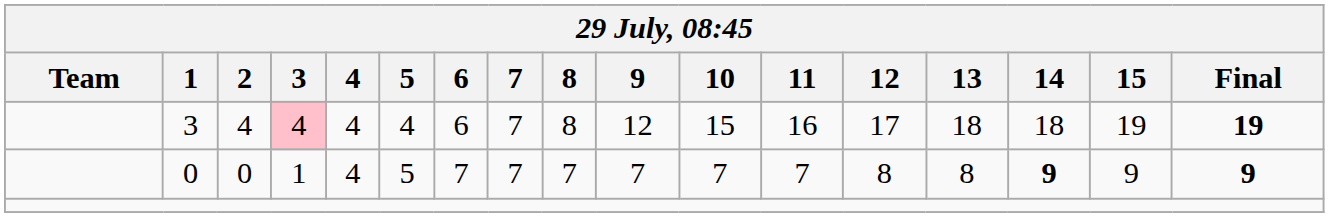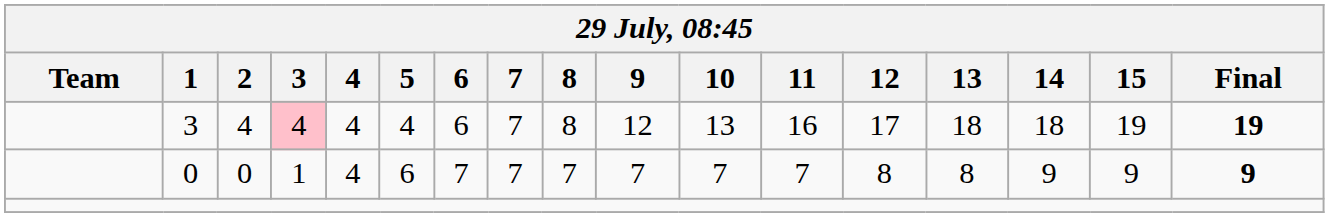 <table class=wikitable style="text-align:center; width: 55%">
 <tr>
 <th colspan=17><em>29 July, 08:45</em></th>
 </tr>
 <tr>
 <th>Team</th>
 <th>1</th>
 <th>2</th>
 <th>3</th>
 <th>4</th>
 <th>5</th>
 <th>6</th>
 <th>7</th>
 <th>8</th>
 <th>9</th>
 <th>10</th>
 <th>11</th>
 <th>12</th>
 <th>13</th>
 <th>14</th>
 <th>15</th>
 <th>Final</th>
 </tr>
 <tr>
 <td align=left><strong></strong></td>
 <td>3</td>
 <td>4</td>
 <td style="background: pink;">4</td>
 <td>4</td>
 <td>4</td>
 <td>6</td>
 <td>7</td>
 <td>8</td>
 <td>12</td>
-<td>15</td>
+<td>13</td>
 <td>16</td>
 <td>17</td>
 <td>18</td>
 <td>18</td>
 <td>19</td>
 <td><strong>19</strong></td>
 </tr>
 <tr>
 <td align=left></td>
 <td>0</td>
 <td>0</td>
 <td>1</td>
 <td>4</td>
-<td>5</td>
+<td>6</td>
 <td>7</td>
 <td>7</td>
 <td>7</td>
 <td>7</td>
 <td>7</td>
 <td>7</td>
 <td>8</td>
 <td>8</td>
-<td><strong>9</strong></td>
+<td>9</td>
 <td>9</td>
 <td><strong>9</strong></td>
 </tr>
 <tr>
 <td colspan=17></td>
 </tr>
 </table>
